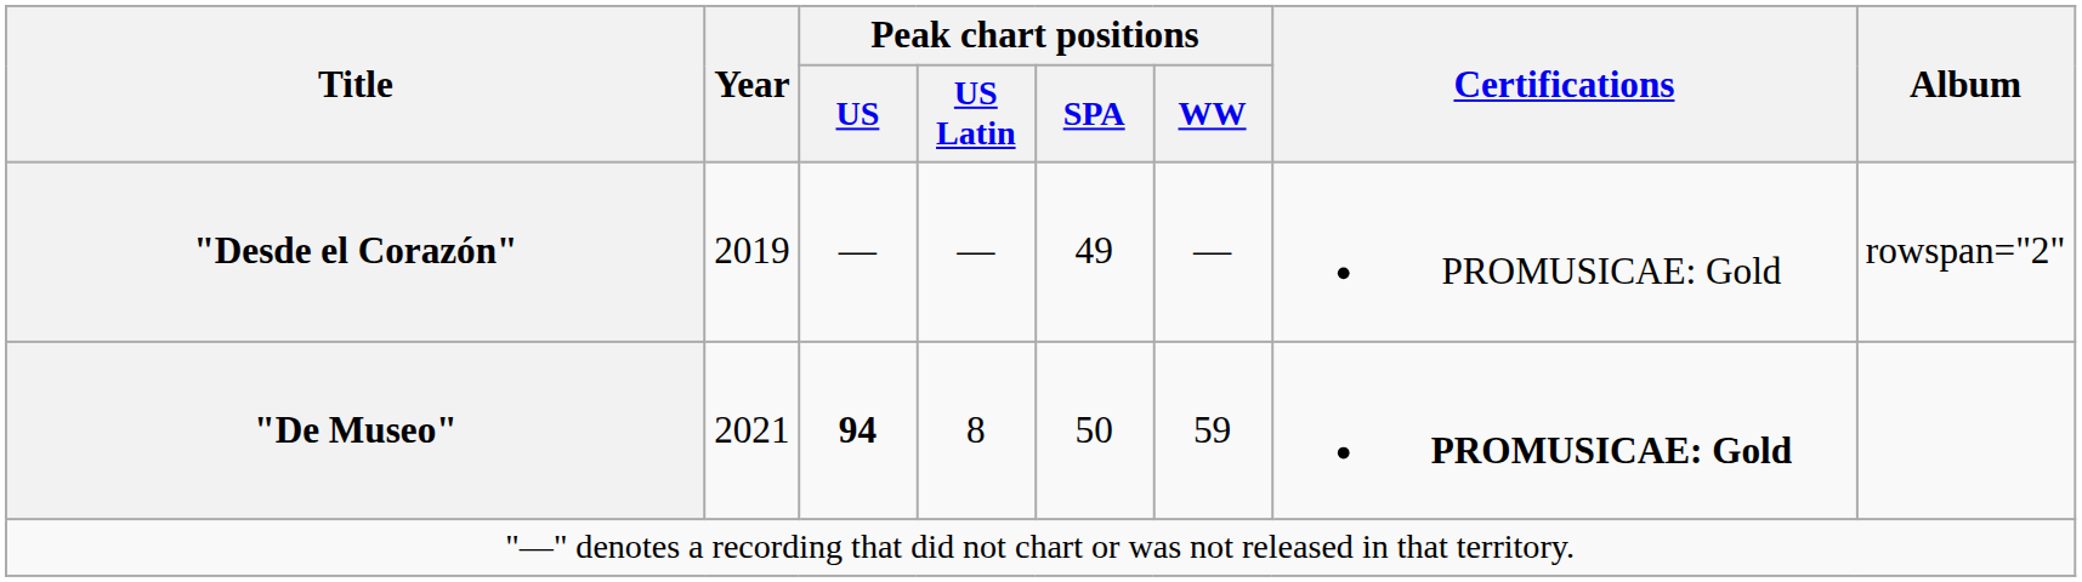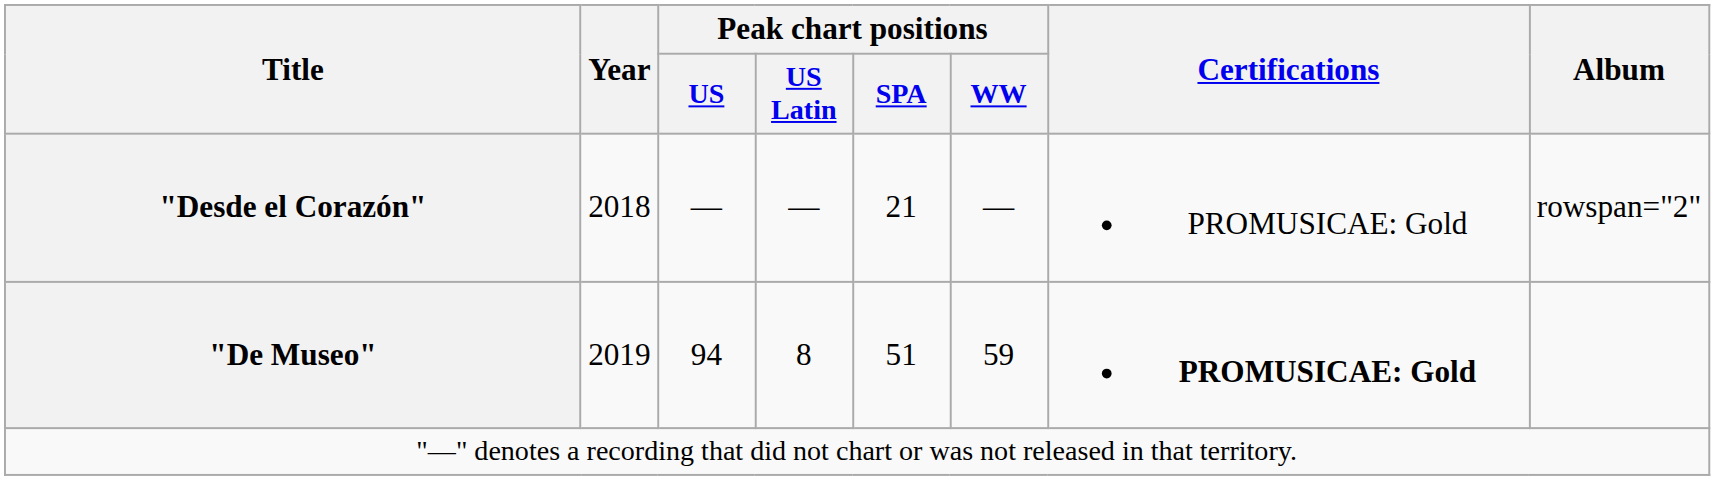 <table class="wikitable plainrowheaders" style="text-align:center;">
 <tr>
 <th scope="col" style="width:18em;" rowspan="2">Title</th>
 <th scope="col" style="width:1em;" rowspan="2">Year</th>
 <th scope="col" colspan="4">Peak chart positions</th>
 <th scope="col" style="width:15em;" rowspan="2"><a href='#'>Certifications</a></th>
 <th scope="col" rowspan="2">Album</th>
 </tr>
 <tr>
 <th scope="col" style="width:3em;font-size:90%;"><a href='#'>US</a><br></th>
 <th scope="col" style="width:3em;font-size:90%;"><a href='#'>US<br>Latin</a><br></th>
 <th scope="col" style="width:3em;font-size:90%;"><a href='#'>SPA</a><br></th>
 <th scope="col" style="width:3em;font-size:90%;"><a href='#'>WW</a><br></th>
 </tr>
 <tr>
 <th scope="row">"Desde el Corazón"</th>
-<td>2019</td>
+<td>2018</td>
 <td>—</td>
 <td>—</td>
-<td>49</td>
+<td>21</td>
 <td>—</td>
 <td><br><ul><li>PROMUSICAE: Gold</li></ul></td>
 <td>rowspan="2" </td>
 </tr>
 <tr>
 <th scope="row">"De Museo"</th>
-<td>2021</td>
-<td><strong>94</strong></td>
+<td>2019</td>
+<td>94</td>
 <td>8</td>
-<td>50</td>
+<td>51</td>
 <td>59</td>
 <td><strong><br><ul><li>PROMUSICAE: Gold</li></ul></strong></td>
 </tr>
 <tr>
 <td colspan="14" style="font-size:90%">"—" denotes a recording that did not chart or was not released in that territory.</td>
 </tr>
 </table>
